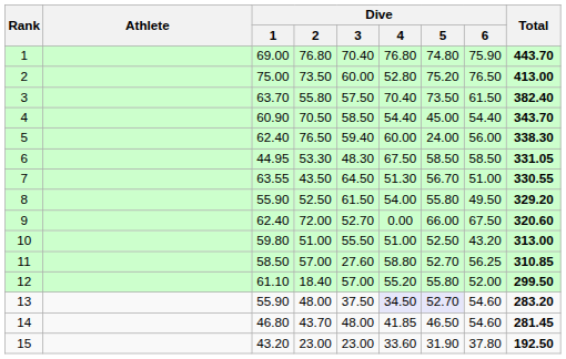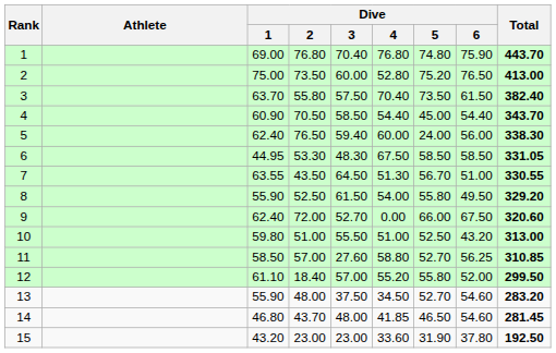 <table class=wikitable style="text-align:center">
 <tr>
 <th rowspan="2" width=40>Rank</th>
 <th rowspan="2" width=250>Athlete</th>
 <th colspan="6">Dive</th>
 <th rowspan="2" width=60>Total</th>
 </tr>
 <tr>
 <th width=45>1</th>
 <th width=45>2</th>
 <th width=45>3</th>
 <th width=45>4</th>
 <th width=45>5</th>
 <th width=45>6</th>
 </tr>
 <tr bgcolor="ccffcc">
 <td>1</td>
 <td align=left></td>
 <td>69.00</td>
 <td>76.80</td>
 <td>70.40</td>
 <td>76.80</td>
 <td>74.80</td>
 <td>75.90</td>
 <td><strong>443.70</strong></td>
 </tr>
 <tr bgcolor="ccffcc">
 <td>2</td>
 <td align=left></td>
 <td>75.00</td>
 <td>73.50</td>
 <td>60.00</td>
 <td>52.80</td>
 <td>75.20</td>
 <td>76.50</td>
 <td><strong>413.00</strong></td>
 </tr>
 <tr bgcolor="ccffcc">
 <td>3</td>
 <td align=left></td>
 <td>63.70</td>
 <td>55.80</td>
 <td>57.50</td>
 <td>70.40</td>
 <td>73.50</td>
 <td>61.50</td>
 <td><strong>382.40</strong></td>
 </tr>
 <tr bgcolor="ccffcc">
 <td>4</td>
 <td align=left></td>
 <td>60.90</td>
 <td>70.50</td>
 <td>58.50</td>
 <td>54.40</td>
 <td>45.00</td>
 <td>54.40</td>
 <td><strong>343.70</strong></td>
 </tr>
 <tr bgcolor="ccffcc">
 <td>5</td>
 <td align=left></td>
 <td>62.40</td>
 <td>76.50</td>
 <td>59.40</td>
 <td>60.00</td>
 <td>24.00</td>
 <td>56.00</td>
 <td><strong>338.30</strong></td>
 </tr>
 <tr bgcolor="ccffcc">
 <td>6</td>
 <td align=left></td>
 <td>44.95</td>
 <td>53.30</td>
 <td>48.30</td>
 <td>67.50</td>
 <td>58.50</td>
 <td>58.50</td>
 <td><strong>331.05</strong></td>
 </tr>
 <tr bgcolor="ccffcc">
 <td>7</td>
 <td align=left></td>
 <td>63.55</td>
 <td>43.50</td>
 <td>64.50</td>
 <td>51.30</td>
 <td>56.70</td>
 <td>51.00</td>
 <td><strong>330.55</strong></td>
 </tr>
 <tr bgcolor="ccffcc">
 <td>8</td>
 <td align=left></td>
 <td>55.90</td>
 <td>52.50</td>
 <td>61.50</td>
 <td>54.00</td>
 <td>55.80</td>
 <td>49.50</td>
 <td><strong>329.20</strong></td>
 </tr>
 <tr bgcolor="ccffcc">
 <td>9</td>
 <td align=left></td>
 <td>62.40</td>
 <td>72.00</td>
 <td>52.70</td>
 <td>0.00</td>
 <td>66.00</td>
 <td>67.50</td>
 <td><strong>320.60</strong></td>
 </tr>
 <tr bgcolor="ccffcc">
 <td>10</td>
 <td align=left></td>
 <td>59.80</td>
 <td>51.00</td>
 <td>55.50</td>
 <td>51.00</td>
 <td>52.50</td>
 <td>43.20</td>
 <td><strong>313.00</strong></td>
 </tr>
 <tr bgcolor="ccffcc">
 <td>11</td>
 <td align=left></td>
 <td>58.50</td>
 <td>57.00</td>
 <td>27.60</td>
 <td>58.80</td>
 <td>52.70</td>
 <td>56.25</td>
 <td><strong>310.85</strong></td>
 </tr>
 <tr bgcolor="ccffcc">
 <td>12</td>
 <td align=left></td>
 <td>61.10</td>
 <td>18.40</td>
 <td>57.00</td>
 <td>55.20</td>
 <td>55.80</td>
 <td>52.00</td>
 <td><strong>299.50</strong></td>
 </tr>
 <tr>
 <td>13</td>
 <td align=left></td>
 <td>55.90</td>
 <td>48.00</td>
 <td>37.50</td>
-<td style="background: lavender;">34.50</td>
-<td style="background: lavender;">52.70</td>
+<td>34.50</td>
+<td>52.70</td>
 <td>54.60</td>
 <td><strong>283.20</strong></td>
 </tr>
 <tr>
 <td>14</td>
 <td align=left></td>
 <td>46.80</td>
 <td>43.70</td>
 <td>48.00</td>
 <td>41.85</td>
 <td>46.50</td>
 <td>54.60</td>
 <td><strong>281.45</strong></td>
 </tr>
 <tr>
 <td>15</td>
 <td align=left></td>
 <td>43.20</td>
 <td>23.00</td>
 <td>23.00</td>
 <td>33.60</td>
 <td>31.90</td>
 <td>37.80</td>
 <td><strong>192.50</strong></td>
 </tr>
 </table>
